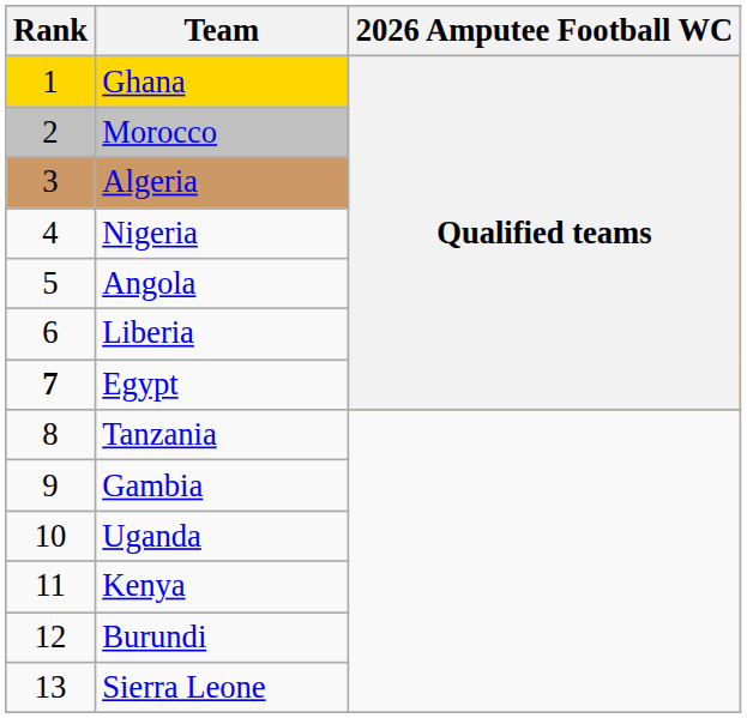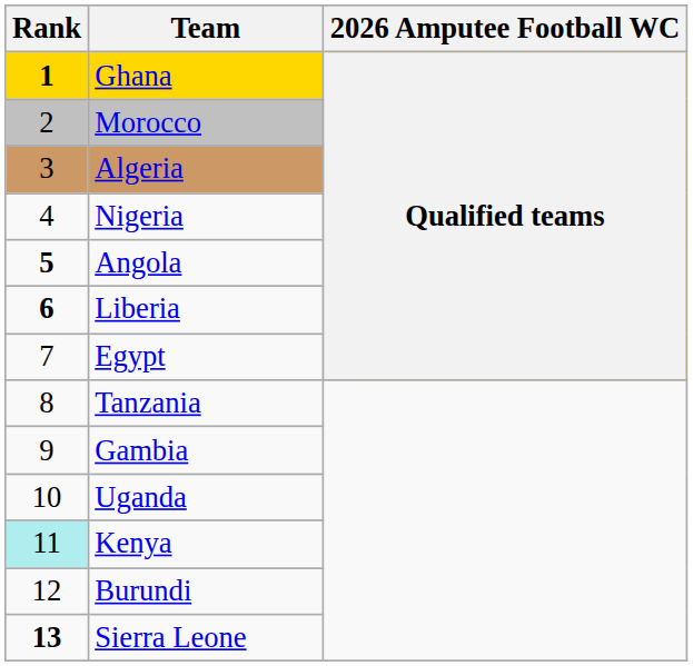 <table class=wikitable>
 <tr>
 <th width=20>Rank</th>
 <th width=120>Team</th>
 <th>2026 Amputee Football WC</th>
 </tr>
 <tr bgcolor=gold>
-<td align=center>1</td>
+<td align=center><strong>1</strong></td>
 <td> <a href='#'>Ghana</a></td>
 <th rowspan=7>Qualified teams</th>
 </tr>
 <tr bgcolor=silver>
 <td align=center>2</td>
 <td> <a href='#'>Morocco</a></td>
 </tr>
 <tr bgcolor=#c96>
 <td align=center>3</td>
 <td> <a href='#'>Algeria</a></td>
 </tr>
 <tr>
 <td align=center>4</td>
 <td> <a href='#'>Nigeria</a></td>
 </tr>
 <tr>
-<td align=center>5</td>
+<td align=center><strong>5</strong></td>
 <td> <a href='#'>Angola</a></td>
 </tr>
 <tr>
-<td align=center>6</td>
+<td align=center><strong>6</strong></td>
 <td> <a href='#'>Liberia</a></td>
 </tr>
 <tr>
-<td align=center><strong>7</strong></td>
+<td align=center>7</td>
 <td> <a href='#'>Egypt</a></td>
 </tr>
 <tr>
 <td align=center>8</td>
 <td> <a href='#'>Tanzania</a></td>
 </tr>
 <tr>
 <td align=center>9</td>
 <td> <a href='#'>Gambia</a></td>
 </tr>
 <tr>
 <td align=center>10</td>
 <td> <a href='#'>Uganda</a></td>
 </tr>
 <tr>
-<td align=center>11</td>
+<td align=center style="background: paleturquoise;">11</td>
 <td> <a href='#'>Kenya</a></td>
 </tr>
 <tr>
 <td align=center>12</td>
 <td> <a href='#'>Burundi</a></td>
 </tr>
 <tr>
-<td align=center>13</td>
+<td align=center><strong>13</strong></td>
 <td> <a href='#'>Sierra Leone</a></td>
 </tr>
 </table>
